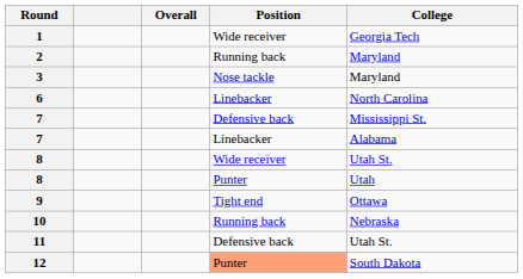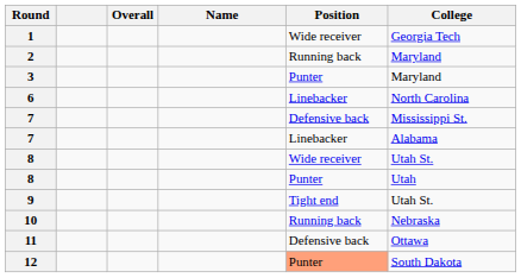 <table class="wikitable sortable" style="width: 50%;">
 <tr>
 <th scope="col" style="width: 10%;">Round</th>
 <th scope="col" style="width: 10%;"></th>
 <th scope="col" style="width: 10%;">Overall</th>
+<th scope="col" style="width: 25%;">Name</th>
 <th scope="col" style="width: 20%;">Position</th>
 <th scope="col" style="width: 25%;">College</th>
 </tr>
 <tr>
 <th scope="row">1</th>
+<td></td>
 <td></td>
 <td></td>
 <td>Wide receiver</td>
 <td><a href='#'>Georgia Tech</a></td>
 </tr>
 <tr>
 <th scope="row">2</th>
 <td></td>
 <td></td>
+<td></td>
 <td>Running back</td>
 <td><a href='#'>Maryland</a></td>
 </tr>
 <tr>
 <th scope="row">3</th>
 <td></td>
 <td></td>
-<td><a href='#'>Nose tackle</a></td>
+<td></td>
+<td><a href='#'>Punter</a></td>
 <td>Maryland</td>
 </tr>
 <tr>
 <th scope="row">6</th>
+<td></td>
 <td></td>
 <td></td>
 <td><a href='#'>Linebacker</a></td>
 <td><a href='#'>North Carolina</a></td>
 </tr>
 <tr>
 <th scope="row">7</th>
 <td></td>
 <td></td>
+<td></td>
 <td><a href='#'>Defensive back</a></td>
 <td><a href='#'>Mississippi St.</a></td>
 </tr>
 <tr>
 <th scope="row">7</th>
+<td></td>
 <td></td>
 <td></td>
 <td>Linebacker</td>
 <td><a href='#'>Alabama</a></td>
 </tr>
 <tr>
 <th scope="row">8</th>
 <td></td>
 <td></td>
+<td></td>
 <td><a href='#'>Wide receiver</a></td>
 <td><a href='#'>Utah St.</a></td>
 </tr>
 <tr>
 <th scope="row">8</th>
+<td></td>
 <td></td>
 <td></td>
 <td><a href='#'>Punter</a></td>
 <td><a href='#'>Utah</a></td>
 </tr>
 <tr>
 <th scope="row">9</th>
 <td></td>
 <td></td>
+<td></td>
 <td><a href='#'>Tight end</a></td>
-<td><a href='#'>Ottawa</a></td>
+<td>Utah St.</td>
 </tr>
 <tr>
 <th scope="row">10</th>
+<td></td>
 <td></td>
 <td></td>
 <td><a href='#'>Running back</a></td>
 <td><a href='#'>Nebraska</a></td>
 </tr>
 <tr>
 <th scope="row">11</th>
 <td></td>
 <td></td>
+<td></td>
 <td>Defensive back</td>
-<td>Utah St.</td>
+<td><a href='#'>Ottawa</a></td>
 </tr>
 <tr>
 <th scope="row">12</th>
+<td></td>
 <td></td>
 <td></td>
 <td style="background: lightsalmon;">Punter</td>
 <td><a href='#'>South Dakota</a></td>
 </tr>
 </table>
